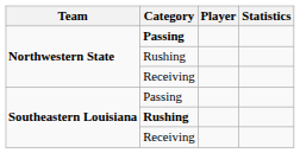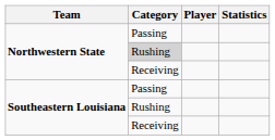 <table class="wikitable" style="float: right;">
 <tr>
 <th>Team</th>
 <th>Category</th>
 <th>Player</th>
 <th>Statistics</th>
 </tr>
 <tr>
 <td rowspan=3><strong>Northwestern State</strong></td>
-<td><strong>Passing</strong></td>
+<td>Passing</td>
 <td></td>
 <td></td>
 </tr>
 <tr>
-<td>Rushing</td>
+<td style="background: lightgrey;">Rushing</td>
 <td></td>
 <td></td>
 </tr>
 <tr>
 <td>Receiving</td>
 <td></td>
 <td></td>
 </tr>
 <tr>
 <td rowspan=3><strong>Southeastern Louisiana</strong></td>
 <td>Passing</td>
 <td></td>
 <td></td>
 </tr>
 <tr>
-<td><strong>Rushing</strong></td>
+<td>Rushing</td>
 <td></td>
 <td></td>
 </tr>
 <tr>
 <td>Receiving</td>
 <td></td>
 <td></td>
 </tr>
 </table>
